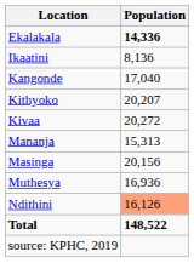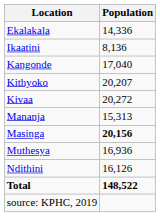 <table class="wikitable">
 <tr>
 <th>Location</th>
 <th>Population</th>
 </tr>
 <tr>
 <td><a href='#'>Ekalakala</a></td>
-<td><strong>14,336</strong></td>
+<td>14,336</td>
 </tr>
 <tr>
 <td><a href='#'>Ikaatini</a></td>
 <td>8,136</td>
 </tr>
 <tr>
 <td><a href='#'>Kangonde</a></td>
 <td>17,040</td>
 </tr>
 <tr>
 <td><a href='#'>Kithyoko</a></td>
 <td>20,207</td>
 </tr>
 <tr>
 <td><a href='#'>Kivaa</a></td>
 <td>20,272</td>
 </tr>
 <tr>
 <td><a href='#'>Mananja</a></td>
 <td>15,313</td>
 </tr>
 <tr>
 <td><a href='#'>Masinga</a></td>
-<td>20,156</td>
+<td><strong>20,156</strong></td>
 </tr>
 <tr>
 <td><a href='#'>Muthesya</a></td>
 <td>16,936</td>
 </tr>
 <tr>
 <td><a href='#'>Ndithini</a></td>
-<td style="background: lightsalmon;">16,126</td>
+<td>16,126</td>
 </tr>
 <tr>
 <td><strong>Total</strong></td>
 <td><strong>148,522</strong></td>
 </tr>
 <tr>
 <td>source: KPHC, 2019</td>
 <td></td>
 </tr>
 </table>
